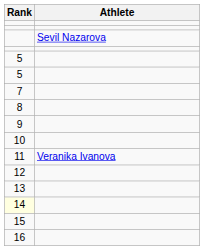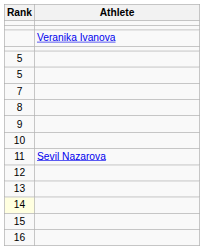 <table class="wikitable" style="text-align: center;">
 <tr>
 <th width=40>Rank</th>
 <th width=250>Athlete</th>
 </tr>
 <tr>
 <td></td>
 <td align="left"></td>
 </tr>
 <tr>
 <td></td>
 <td align="left"></td>
 </tr>
 <tr>
 <td></td>
-<td align="left"> <a href='#'>Sevil Nazarova</a> </td>
+<td align="left"> <a href='#'>Veranika Ivanova</a> </td>
 </tr>
 <tr>
 <td></td>
 <td align="left"></td>
 </tr>
 <tr>
 <td>5</td>
 <td align="left"></td>
 </tr>
 <tr>
 <td>5</td>
 <td align="left"></td>
 </tr>
 <tr>
 <td>7</td>
 <td align="left"></td>
 </tr>
 <tr>
 <td>8</td>
 <td align="left"></td>
 </tr>
 <tr>
 <td>9</td>
 <td align="left"></td>
 </tr>
 <tr>
 <td>10</td>
 <td align="left"></td>
 </tr>
 <tr>
 <td>11</td>
-<td align="left"> <a href='#'>Veranika Ivanova</a> </td>
+<td align="left"> <a href='#'>Sevil Nazarova</a> </td>
 </tr>
 <tr>
 <td>12</td>
 <td align="left"></td>
 </tr>
 <tr>
 <td>13</td>
 <td align="left"></td>
 </tr>
 <tr>
 <td style="background: lightyellow;">14</td>
 <td align="left"></td>
 </tr>
 <tr>
 <td>15</td>
 <td align="left"></td>
 </tr>
 <tr>
 <td>16</td>
 <td align="left"></td>
 </tr>
 </table>
